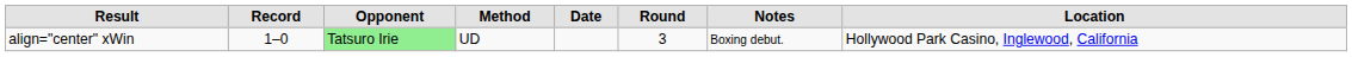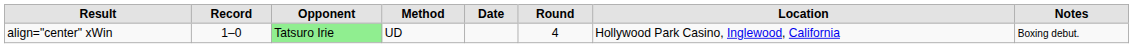 <table class="wikitable sortable" style="font-size:85%; text-align:left; width:100%;">
 <tr>
 <th style="border-style:none none solid solid; background:#e3e3e3;">Result</th>
 <th style="border-style:none none solid solid; background:#e3e3e3;"><strong>Record</strong></th>
 <th style="border-style:none none solid solid; background:#e3e3e3;"><strong>Opponent</strong></th>
 <th style="border-style:none none solid solid; background:#e3e3e3;"><strong>Method</strong></th>
 <th style="border-style:none none solid solid; background:#e3e3e3;"><strong>Date</strong></th>
 <th style="border-style:none none solid solid; background:#e3e3e3;"><strong>Round</strong></th>
+<th style="border-style:none none solid solid; background:#e3e3e3;"><strong>Location</strong></th>
 <th style="border-style:none none solid solid; background:#e3e3e3;"><strong>Notes</strong></th>
-<th style="border-style:none none solid solid; background:#e3e3e3;"><strong>Location</strong></th>
 </tr>
 <tr>
 <td>align="center" <span>x</span>Win</td>
 <td align=center>1–0</td>
 <td style="background: lightgreen;">Tatsuro Irie</td>
 <td>UD</td>
 <td></td>
-<td align=center>3</td>
+<td align=center>4</td>
+<td> Hollywood Park Casino, <a href='#'>Inglewood</a>, <a href='#'>California</a></td>
 <td><small>Boxing debut.</small></td>
-<td> Hollywood Park Casino, <a href='#'>Inglewood</a>, <a href='#'>California</a></td>
 </tr>
 </table>
